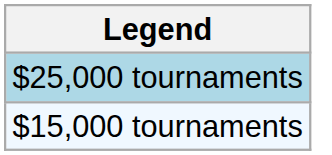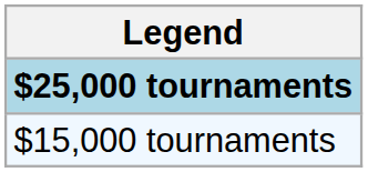 <table class=wikitable style="font-size:85%">
 <tr>
 <th>Legend</th>
 </tr>
 <tr style="background:lightblue;">
-<td>$25,000 tournaments</td>
+<td><strong>$25,000 tournaments</strong></td>
 </tr>
 <tr style="background:#f0f8ff;">
 <td>$15,000 tournaments</td>
 </tr>
 </table>
